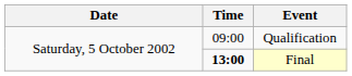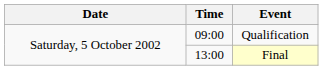 <table class = "wikitable" style="text-align:center;">
 <tr>
 <th width=220>Date</th>
 <th width=50>Time</th>
 <th width=100>Event</th>
 </tr>
 <tr>
 <td rowspan=2>Saturday, 5 October 2002</td>
 <td>09:00</td>
 <td>Qualification</td>
 </tr>
 <tr>
-<td><strong>13:00</strong></td>
+<td>13:00</td>
 <td bgcolor=ffffcc>Final</td>
 </tr>
 </table>
